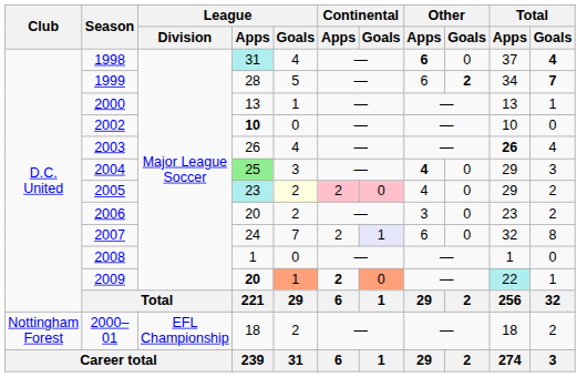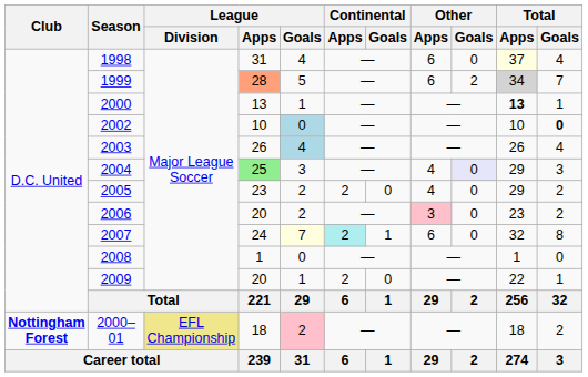 <table class="wikitable" style="text-align:center">
 <tr>
 <th rowspan="2">Club</th>
 <th rowspan="2">Season</th>
 <th colspan="3">League</th>
 <th colspan="2">Continental</th>
 <th colspan="2">Other</th>
 <th colspan="2">Total</th>
 </tr>
 <tr>
 <th>Division</th>
 <th>Apps</th>
 <th>Goals</th>
 <th>Apps</th>
 <th>Goals</th>
 <th>Apps</th>
 <th>Goals</th>
 <th>Apps</th>
 <th>Goals</th>
 </tr>
 <tr>
 <td rowspan="12"><a href='#'>D.C. United</a></td>
 <td><a href='#'>1998</a></td>
 <td rowspan="11"><a href='#'>Major League Soccer</a></td>
-<td style="background: paleturquoise;">31</td>
+<td>31</td>
 <td>4</td>
 <td colspan="2">—</td>
-<td><strong>6</strong></td>
+<td>6</td>
 <td>0</td>
-<td>37</td>
-<td><strong>4</strong></td>
+<td style="background: lightyellow;">37</td>
+<td>4</td>
 </tr>
 <tr>
 <td><a href='#'>1999</a></td>
-<td>28</td>
+<td style="background: lightsalmon;">28</td>
 <td>5</td>
 <td colspan="2">—</td>
 <td>6</td>
-<td><strong>2</strong></td>
-<td>34</td>
-<td><strong>7</strong></td>
+<td>2</td>
+<td style="background: lightgrey;">34</td>
+<td>7</td>
 </tr>
 <tr>
 <td><a href='#'>2000</a></td>
 <td>13</td>
 <td>1</td>
 <td colspan="2">—</td>
 <td colspan="2">—</td>
-<td>13</td>
+<td><strong>13</strong></td>
 <td>1</td>
 </tr>
 <tr>
 <td><a href='#'>2002</a></td>
-<td><strong>10</strong></td>
-<td>0</td>
+<td>10</td>
+<td style="background: lightblue;">0</td>
 <td colspan="2">—</td>
 <td colspan="2">—</td>
 <td>10</td>
-<td>0</td>
+<td><strong>0</strong></td>
 </tr>
 <tr>
 <td><a href='#'>2003</a></td>
 <td>26</td>
-<td>4</td>
+<td style="background: lightblue;">4</td>
 <td colspan="2">—</td>
 <td colspan="2">—</td>
-<td><strong>26</strong></td>
+<td>26</td>
 <td>4</td>
 </tr>
 <tr>
 <td><a href='#'>2004</a></td>
 <td style="background: lightgreen;">25</td>
 <td>3</td>
 <td colspan="2">—</td>
-<td><strong>4</strong></td>
-<td>0</td>
+<td>4</td>
+<td style="background: lavender;">0</td>
 <td>29</td>
 <td>3</td>
 </tr>
 <tr>
 <td><a href='#'>2005</a></td>
-<td style="background: paleturquoise;">23</td>
-<td style="background: lightyellow;">2</td>
-<td style="background: pink;">2</td>
-<td style="background: pink;">0</td>
+<td>23</td>
+<td>2</td>
+<td>2</td>
+<td>0</td>
 <td>4</td>
 <td>0</td>
 <td>29</td>
 <td>2</td>
 </tr>
 <tr>
 <td><a href='#'>2006</a></td>
 <td>20</td>
 <td>2</td>
 <td colspan="2">—</td>
-<td>3</td>
+<td style="background: pink;">3</td>
 <td>0</td>
 <td>23</td>
 <td>2</td>
 </tr>
 <tr>
 <td><a href='#'>2007</a></td>
 <td>24</td>
-<td>7</td>
-<td>2</td>
-<td style="background: lavender;">1</td>
+<td style="background: lightyellow;">7</td>
+<td style="background: paleturquoise;">2</td>
+<td>1</td>
 <td>6</td>
 <td>0</td>
 <td>32</td>
 <td>8</td>
 </tr>
 <tr>
 <td><a href='#'>2008</a></td>
 <td>1</td>
 <td>0</td>
 <td colspan="2">—</td>
 <td colspan="2">—</td>
 <td>1</td>
 <td>0</td>
 </tr>
 <tr>
 <td><a href='#'>2009</a></td>
-<td><strong>20</strong></td>
-<td style="background: lightsalmon;">1</td>
-<td><strong>2</strong></td>
-<td style="background: lightsalmon;">0</td>
+<td>20</td>
+<td>1</td>
+<td>2</td>
+<td>0</td>
 <td colspan="2">—</td>
-<td style="background: paleturquoise;">22</td>
+<td>22</td>
 <td>1</td>
 </tr>
 <tr>
 <th colspan="2">Total</th>
 <th>221</th>
 <th>29</th>
 <th>6</th>
 <th>1</th>
 <th>29</th>
 <th>2</th>
 <th>256</th>
 <th>32</th>
 </tr>
 <tr>
-<td><a href='#'>Nottingham Forest</a></td>
+<td><strong><a href='#'>Nottingham Forest</a></strong></td>
 <td><a href='#'>2000–01</a></td>
-<td><a href='#'>EFL Championship</a></td>
+<td style="background: khaki;"><a href='#'>EFL Championship</a></td>
 <td>18</td>
-<td>2</td>
+<td style="background: pink;">2</td>
 <td colspan="2">—</td>
 <td colspan="2">—</td>
 <td>18</td>
 <td>2</td>
 </tr>
 <tr>
 <th colspan="3">Career total</th>
 <th>239</th>
 <th>31</th>
 <th>6</th>
 <th>1</th>
 <th>29</th>
 <th>2</th>
 <th>274</th>
 <th>3</th>
 </tr>
 </table>
